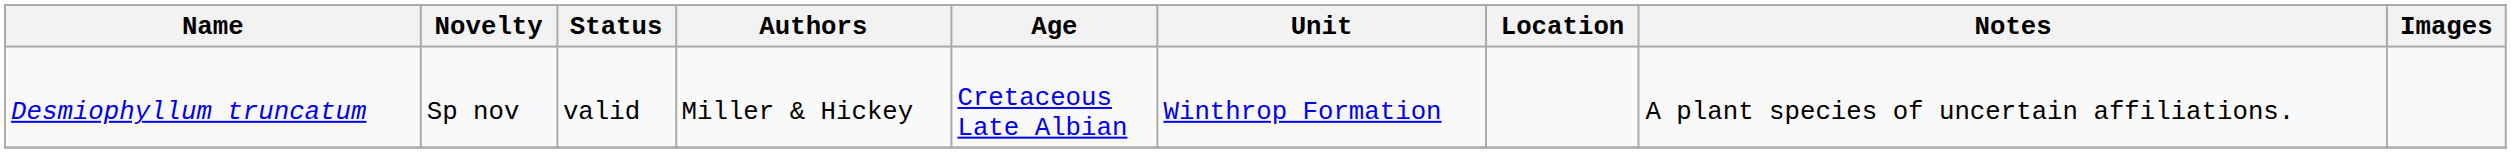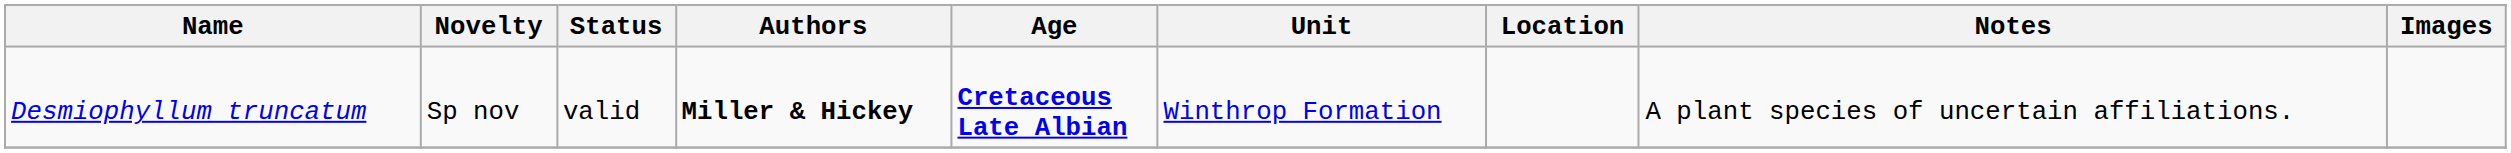 <table class="wikitable sortable" align="center" width="100%">
 <tr>
 <th>Name</th>
 <th>Novelty</th>
 <th>Status</th>
 <th>Authors</th>
 <th>Age</th>
 <th>Unit</th>
 <th>Location</th>
 <th>Notes</th>
 <th>Images</th>
 </tr>
 <tr>
 <td><br><em><a href='#'>Desmiophyllum truncatum</a></em></td>
 <td><br>Sp nov</td>
 <td><br>valid</td>
-<td><br>Miller & Hickey</td>
-<td><br><a href='#'>Cretaceous</a><br><a href='#'>Late Albian</a></td>
+<td><strong><br>Miller & Hickey</strong></td>
+<td><strong><br><a href='#'>Cretaceous</a><br><a href='#'>Late Albian</a></strong></td>
 <td><br><a href='#'>Winthrop Formation</a></td>
 <td><br><br></td>
 <td><br>A plant species of uncertain affiliations.</td>
 <td></td>
 </tr>
 <tr>
 </tr>
 </table>
